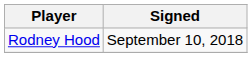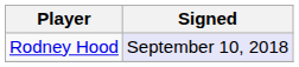 <table class="wikitable sortable sortable" style="text-align: center">
 <tr>
 <th>Player</th>
 <th>Signed</th>
 </tr>
 <tr>
 <td><a href='#'>Rodney Hood</a></td>
-<td>September 10, 2018</td>
+<td style="background: lavender;">September 10, 2018</td>
 </tr>
 <tr>
 </tr>
 </table>
